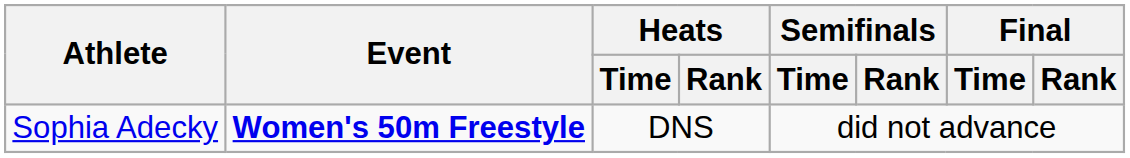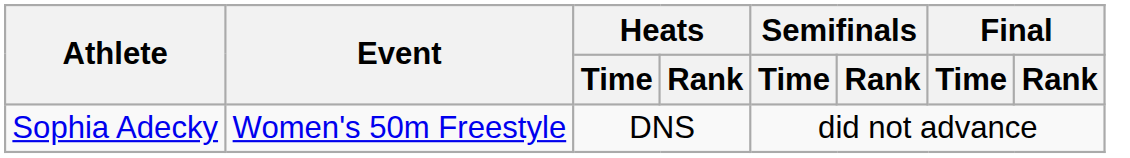 <table class=wikitable style="font-size:90%">
 <tr>
 <th rowspan="2">Athlete</th>
 <th rowspan="2">Event</th>
 <th colspan="2">Heats</th>
 <th colspan="2">Semifinals</th>
 <th colspan="2">Final</th>
 </tr>
 <tr>
 <th>Time</th>
 <th>Rank</th>
 <th>Time</th>
 <th>Rank</th>
 <th>Time</th>
 <th>Rank</th>
 </tr>
 <tr>
 <td rowspan="1"><a href='#'>Sophia Adecky</a></td>
-<td><strong><a href='#'>Women's 50m Freestyle</a></strong></td>
+<td><a href='#'>Women's 50m Freestyle</a></td>
 <td align=center colspan=2>DNS</td>
 <td align=center colspan=4>did not advance</td>
 </tr>
 </table>
